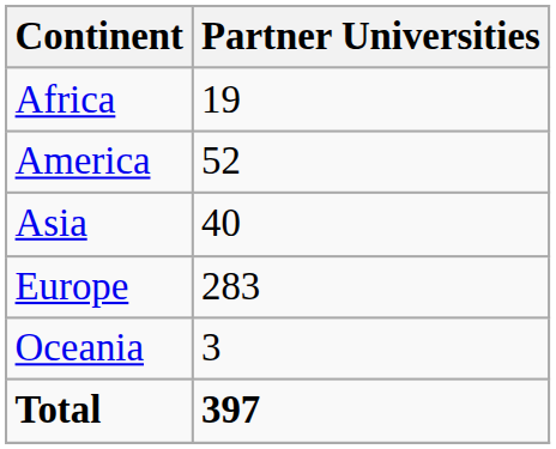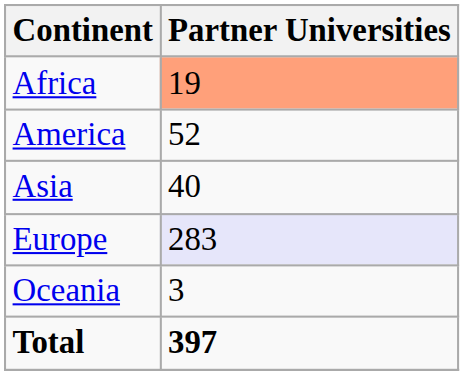 <table class="wikitable">
 <tr>
 <th>Continent</th>
 <th>Partner Universities </th>
 </tr>
 <tr>
 <td><a href='#'>Africa</a></td>
-<td>19</td>
+<td style="background: lightsalmon;">19</td>
 </tr>
 <tr>
 <td><a href='#'>America</a></td>
 <td>52</td>
 </tr>
 <tr>
 <td><a href='#'>Asia</a></td>
 <td>40</td>
 </tr>
 <tr>
 <td><a href='#'>Europe</a></td>
-<td>283</td>
+<td style="background: lavender;">283</td>
 </tr>
 <tr>
 <td><a href='#'>Oceania</a></td>
 <td>3</td>
 </tr>
 <tr>
 <td><strong>Total</strong></td>
 <td><strong>397</strong></td>
 </tr>
 <tr>
 </tr>
 </table>
